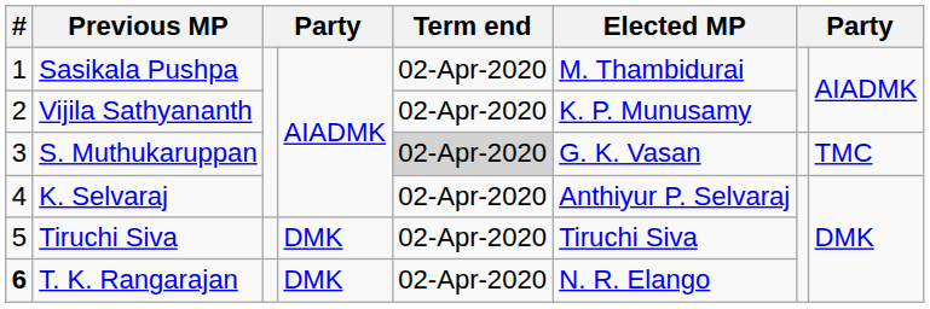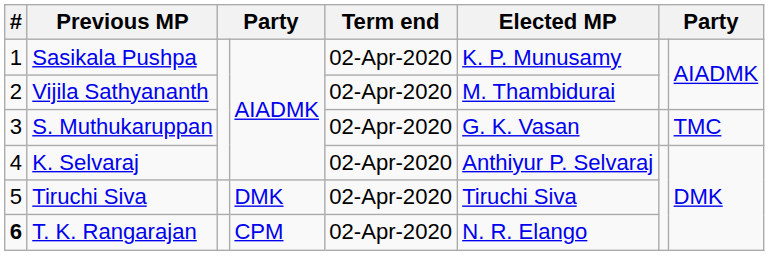 <table class="wikitable sortable">
 <tr>
 <th>#</th>
 <th>Previous MP</th>
 <th colspan="2">Party</th>
 <th>Term end</th>
 <th>Elected MP</th>
 <th colspan="2">Party</th>
 </tr>
 <tr>
 <td>1</td>
 <td><a href='#'>Sasikala Pushpa</a></td>
 <td rowspan=4></td>
 <td rowspan="4"><a href='#'>AIADMK</a></td>
 <td>02-Apr-2020</td>
-<td><a href='#'>M. Thambidurai</a></td>
+<td><a href='#'>K. P. Munusamy</a></td>
 <td rowspan=2></td>
 <td rowspan="2"><a href='#'>AIADMK</a></td>
 </tr>
 <tr>
 <td>2</td>
 <td><a href='#'>Vijila Sathyananth</a></td>
 <td>02-Apr-2020</td>
-<td><a href='#'>K. P. Munusamy</a></td>
+<td><a href='#'>M. Thambidurai</a></td>
 </tr>
 <tr>
 <td>3</td>
 <td><a href='#'>S. Muthukaruppan</a></td>
-<td style="background: lightgrey;">02-Apr-2020</td>
+<td>02-Apr-2020</td>
 <td><a href='#'>G. K. Vasan</a></td>
 <td></td>
 <td><a href='#'>TMC</a></td>
 </tr>
 <tr>
 <td>4</td>
 <td><a href='#'>K. Selvaraj</a></td>
 <td>02-Apr-2020</td>
 <td><a href='#'>Anthiyur P. Selvaraj</a></td>
 <td rowspan=3></td>
 <td rowspan="3"><a href='#'>DMK</a></td>
 </tr>
 <tr>
 <td>5</td>
 <td><a href='#'>Tiruchi Siva</a></td>
 <td width="1px"></td>
 <td><a href='#'>DMK</a></td>
 <td>02-Apr-2020</td>
 <td><a href='#'>Tiruchi Siva</a></td>
 </tr>
 <tr>
 <td><strong>6</strong></td>
 <td><a href='#'>T. K. Rangarajan</a></td>
 <td width="1px"></td>
-<td><a href='#'>DMK</a></td>
+<td><a href='#'>CPM</a></td>
 <td>02-Apr-2020</td>
 <td><a href='#'>N. R. Elango</a></td>
 </tr>
 </table>
